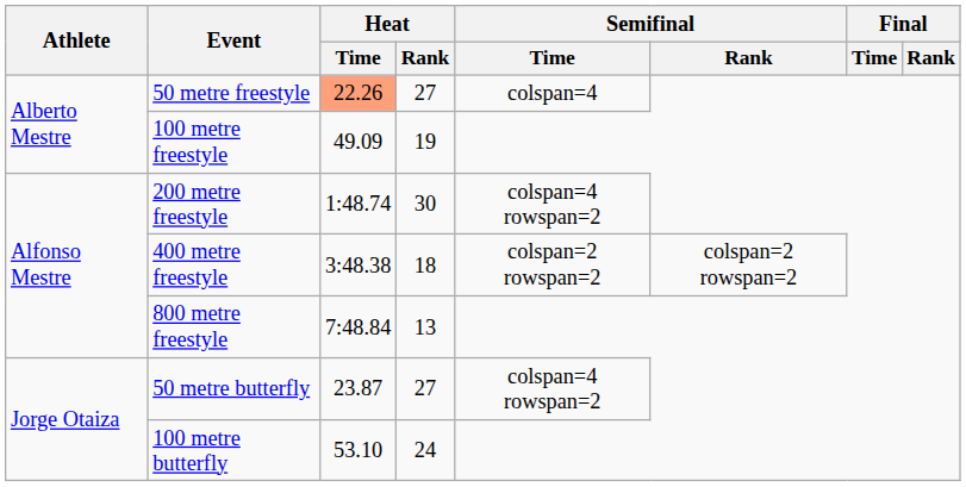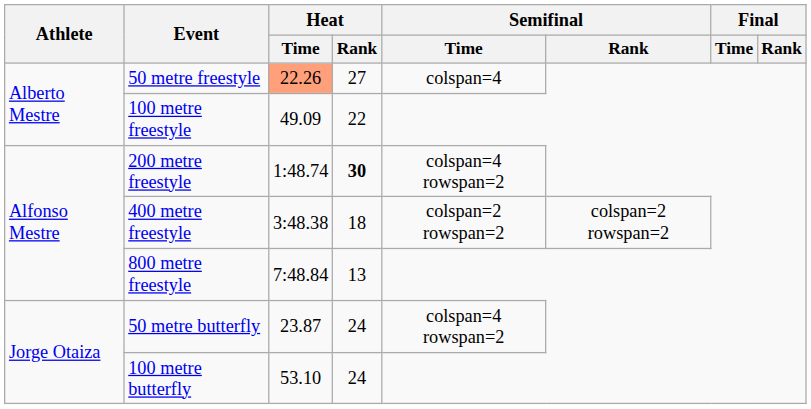 <table class="wikitable" style="text-align:center; font-size:90%; width:50%;">
 <tr>
 <th rowspan="2">Athlete</th>
 <th rowspan="2">Event</th>
 <th colspan="2">Heat</th>
 <th colspan="2">Semifinal</th>
 <th colspan="2">Final</th>
 </tr>
 <tr style="font-size:95%">
 <th>Time</th>
 <th>Rank</th>
 <th>Time</th>
 <th>Rank</th>
 <th>Time</th>
 <th>Rank</th>
 </tr>
 <tr align=center>
 <td align=left rowspan=2><a href='#'>Alberto Mestre</a></td>
 <td align=left><a href='#'>50 metre freestyle</a></td>
 <td style="background: lightsalmon;">22.26</td>
 <td>27</td>
 <td>colspan=4  </td>
 </tr>
 <tr align=center>
 <td align=left><a href='#'>100 metre freestyle</a></td>
 <td>49.09</td>
-<td>19</td>
+<td>22</td>
 </tr>
 <tr align=center>
 <td align=left rowspan=3><a href='#'>Alfonso Mestre</a></td>
 <td align=left><a href='#'>200 metre freestyle</a></td>
 <td>1:48.74</td>
-<td>30</td>
+<td><strong>30</strong></td>
 <td>colspan=4   rowspan=2 </td>
 </tr>
 <tr align=center>
 <td align=left><a href='#'>400 metre freestyle</a></td>
 <td>3:48.38</td>
 <td>18</td>
 <td>colspan=2 rowspan=2 </td>
 <td>colspan=2 rowspan=2 </td>
 </tr>
 <tr align=center>
 <td align=left><a href='#'>800 metre freestyle</a></td>
 <td>7:48.84</td>
 <td>13</td>
 </tr>
 <tr align=center>
 <td align=left rowspan=2><a href='#'>Jorge Otaiza</a></td>
 <td align=left><a href='#'>50 metre butterfly</a></td>
 <td>23.87</td>
-<td>27</td>
+<td>24</td>
 <td>colspan=4 rowspan=2 </td>
 </tr>
 <tr align=center>
 <td align=left><a href='#'>100 metre butterfly</a></td>
 <td>53.10</td>
 <td>24</td>
 </tr>
 </table>
